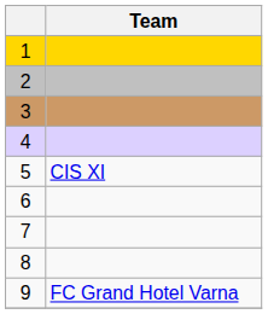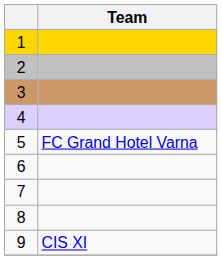 <table class="wikitable" style="font-size:95%;text-align:center">
 <tr>
 <th width=25></th>
 <th width=165>Team</th>
 </tr>
 <tr style="background:gold">
 <td>1</td>
 <td style="text-align:left"></td>
 </tr>
 <tr style="background:silver">
 <td>2</td>
 <td style="text-align:left"></td>
 </tr>
 <tr style="background:#c96">
 <td>3</td>
 <td style="text-align:left"></td>
 </tr>
 <tr style="background:#DCD0FF">
 <td>4</td>
 <td style="text-align:left"></td>
 </tr>
 <tr>
 <td>5</td>
-<td style="text-align:left"> <a href='#'>CIS XI</a></td>
+<td style="text-align:left"> <a href='#'>FC Grand Hotel Varna</a></td>
 </tr>
 <tr>
 <td>6</td>
 <td style="text-align:left"></td>
 </tr>
 <tr>
 <td>7</td>
 <td style="text-align:left"></td>
 </tr>
 <tr>
 <td>8</td>
 <td style="text-align:left"></td>
 </tr>
 <tr>
 <td>9</td>
-<td style="text-align:left"> <a href='#'>FC Grand Hotel Varna</a></td>
+<td style="text-align:left"> <a href='#'>CIS XI</a></td>
 </tr>
 <tr>
 </tr>
 </table>
